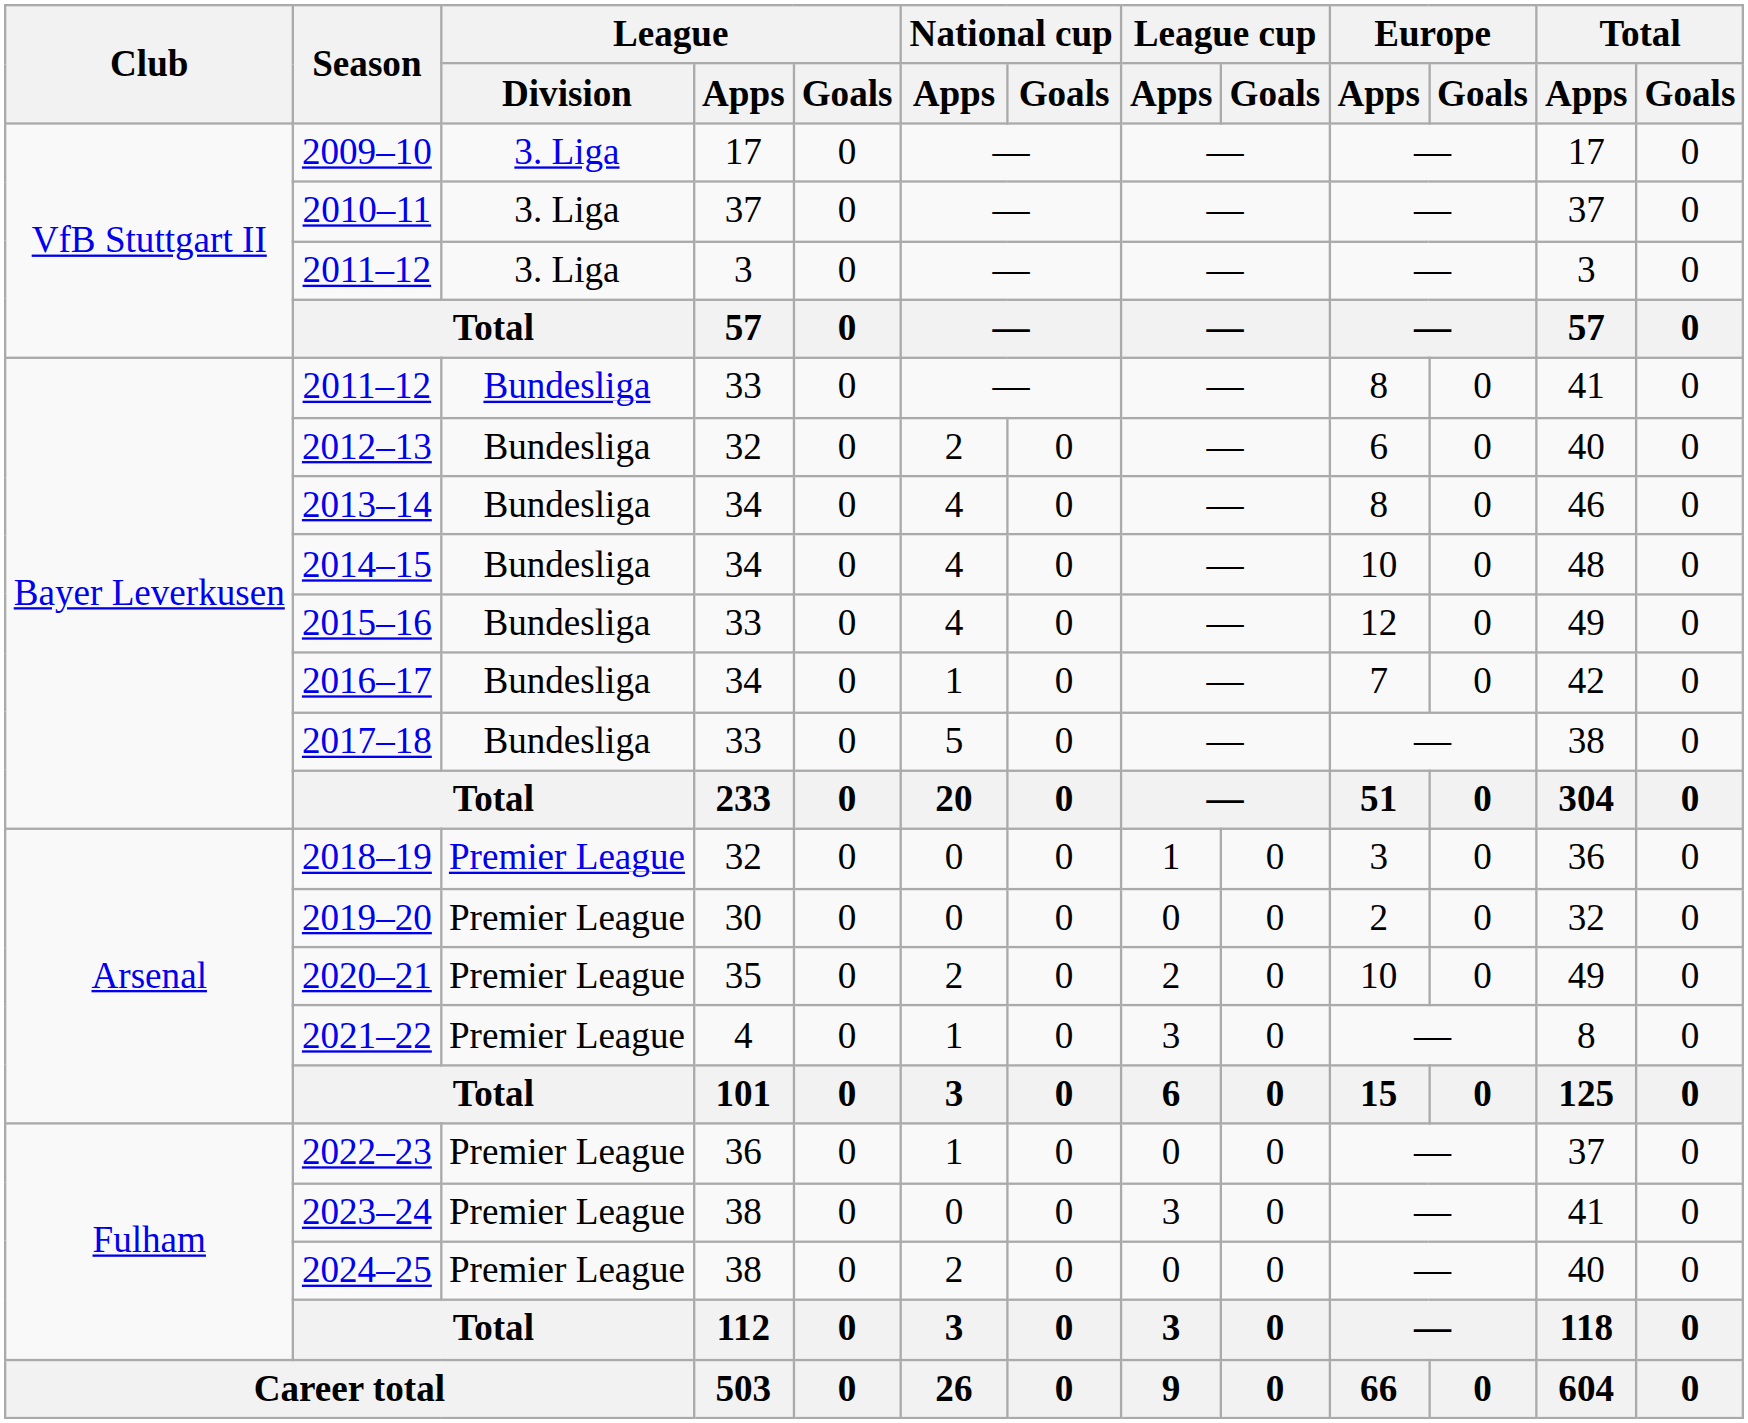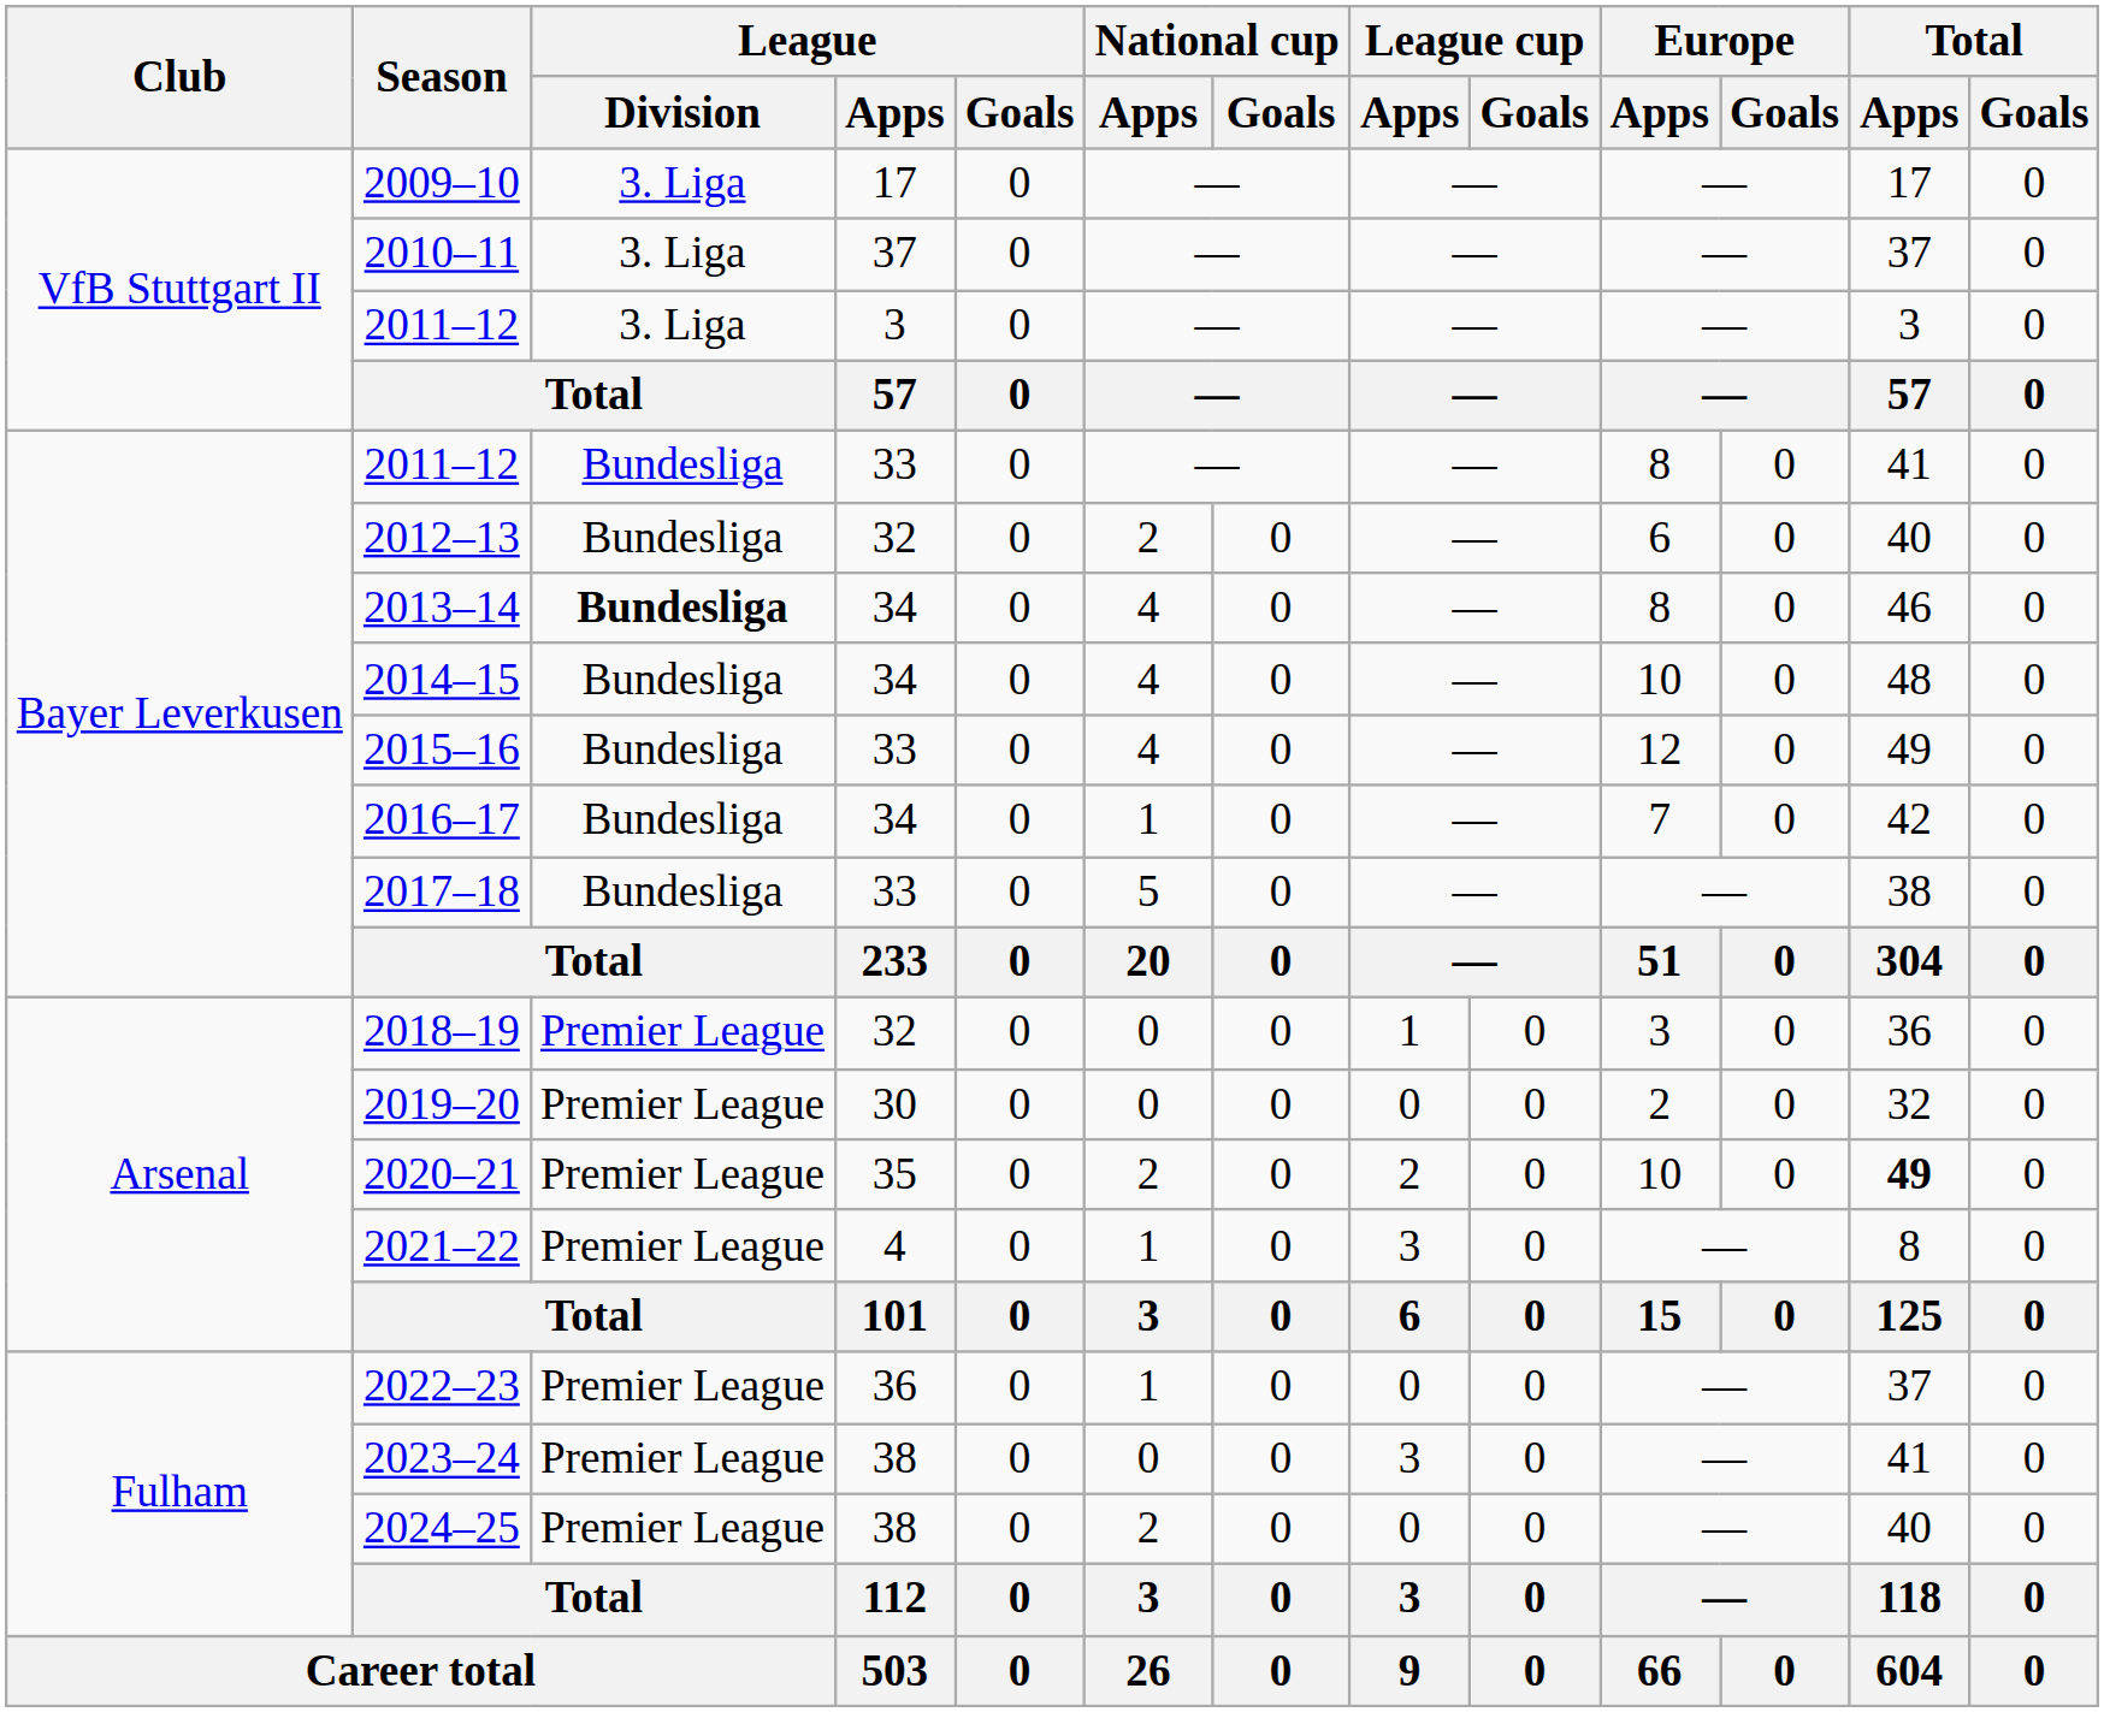 <table class="wikitable" style="text-align: center;">
 <tr>
 <th rowspan="2">Club</th>
 <th rowspan="2">Season</th>
 <th colspan="3">League</th>
 <th colspan="2">National cup</th>
 <th colspan="2">League cup</th>
 <th colspan="2">Europe</th>
 <th colspan="2">Total</th>
 </tr>
 <tr>
 <th>Division</th>
 <th>Apps</th>
 <th>Goals</th>
 <th>Apps</th>
 <th>Goals</th>
 <th>Apps</th>
 <th>Goals</th>
 <th>Apps</th>
 <th>Goals</th>
 <th>Apps</th>
 <th>Goals</th>
 </tr>
 <tr>
 <td rowspan="4"><a href='#'>VfB Stuttgart II</a></td>
 <td><a href='#'>2009–10</a></td>
 <td><a href='#'>3. Liga</a></td>
 <td>17</td>
 <td>0</td>
 <td colspan="2">—</td>
 <td colspan="2">—</td>
 <td colspan="2">—</td>
 <td>17</td>
 <td>0</td>
 </tr>
 <tr>
 <td><a href='#'>2010–11</a></td>
 <td>3. Liga</td>
 <td>37</td>
 <td>0</td>
 <td colspan="2">—</td>
 <td colspan="2">—</td>
 <td colspan="2">—</td>
 <td>37</td>
 <td>0</td>
 </tr>
 <tr>
 <td><a href='#'>2011–12</a></td>
 <td>3. Liga</td>
 <td>3</td>
 <td>0</td>
 <td colspan="2">—</td>
 <td colspan="2">—</td>
 <td colspan="2">—</td>
 <td>3</td>
 <td>0</td>
 </tr>
 <tr>
 <th colspan="2">Total</th>
 <th>57</th>
 <th>0</th>
 <th colspan="2">—</th>
 <th colspan="2">—</th>
 <th colspan="2">—</th>
 <th>57</th>
 <th>0</th>
 </tr>
 <tr>
 <td rowspan="8"><a href='#'>Bayer Leverkusen</a></td>
 <td><a href='#'>2011–12</a></td>
 <td><a href='#'>Bundesliga</a></td>
 <td>33</td>
 <td>0</td>
 <td colspan="2">—</td>
 <td colspan="2">—</td>
 <td>8</td>
 <td>0</td>
 <td>41</td>
 <td>0</td>
 </tr>
 <tr>
 <td><a href='#'>2012–13</a></td>
 <td>Bundesliga</td>
 <td>32</td>
 <td>0</td>
 <td>2</td>
 <td>0</td>
 <td colspan="2">—</td>
 <td>6</td>
 <td>0</td>
 <td>40</td>
 <td>0</td>
 </tr>
 <tr>
 <td><a href='#'>2013–14</a></td>
-<td>Bundesliga</td>
+<td><strong>Bundesliga</strong></td>
 <td>34</td>
 <td>0</td>
 <td>4</td>
 <td>0</td>
 <td colspan="2">—</td>
 <td>8</td>
 <td>0</td>
 <td>46</td>
 <td>0</td>
 </tr>
 <tr>
 <td><a href='#'>2014–15</a></td>
 <td>Bundesliga</td>
 <td>34</td>
 <td>0</td>
 <td>4</td>
 <td>0</td>
 <td colspan="2">—</td>
 <td>10</td>
 <td>0</td>
 <td>48</td>
 <td>0</td>
 </tr>
 <tr>
 <td><a href='#'>2015–16</a></td>
 <td>Bundesliga</td>
 <td>33</td>
 <td>0</td>
 <td>4</td>
 <td>0</td>
 <td colspan="2">—</td>
 <td>12</td>
 <td>0</td>
 <td>49</td>
 <td>0</td>
 </tr>
 <tr>
 <td><a href='#'>2016–17</a></td>
 <td>Bundesliga</td>
 <td>34</td>
 <td>0</td>
 <td>1</td>
 <td>0</td>
 <td colspan="2">—</td>
 <td>7</td>
 <td>0</td>
 <td>42</td>
 <td>0</td>
 </tr>
 <tr>
 <td><a href='#'>2017–18</a></td>
 <td>Bundesliga</td>
 <td>33</td>
 <td>0</td>
 <td>5</td>
 <td>0</td>
 <td colspan="2">—</td>
 <td colspan="2">—</td>
 <td>38</td>
 <td>0</td>
 </tr>
 <tr>
 <th colspan="2">Total</th>
 <th>233</th>
 <th>0</th>
 <th>20</th>
 <th>0</th>
 <th colspan="2">—</th>
 <th>51</th>
 <th>0</th>
 <th>304</th>
 <th>0</th>
 </tr>
 <tr>
 <td rowspan="5"><a href='#'>Arsenal</a></td>
 <td><a href='#'>2018–19</a></td>
 <td><a href='#'>Premier League</a></td>
 <td>32</td>
 <td>0</td>
 <td>0</td>
 <td>0</td>
 <td>1</td>
 <td>0</td>
 <td>3</td>
 <td>0</td>
 <td>36</td>
 <td>0</td>
 </tr>
 <tr>
 <td><a href='#'>2019–20</a></td>
 <td>Premier League</td>
 <td>30</td>
 <td>0</td>
 <td>0</td>
 <td>0</td>
 <td>0</td>
 <td>0</td>
 <td>2</td>
 <td>0</td>
 <td>32</td>
 <td>0</td>
 </tr>
 <tr>
 <td><a href='#'>2020–21</a></td>
 <td>Premier League</td>
 <td>35</td>
 <td>0</td>
 <td>2</td>
 <td>0</td>
 <td>2</td>
 <td>0</td>
 <td>10</td>
 <td>0</td>
-<td>49</td>
+<td><strong>49</strong></td>
 <td>0</td>
 </tr>
 <tr>
 <td><a href='#'>2021–22</a></td>
 <td>Premier League</td>
 <td>4</td>
 <td>0</td>
 <td>1</td>
 <td>0</td>
 <td>3</td>
 <td>0</td>
 <td colspan="2">—</td>
 <td>8</td>
 <td>0</td>
 </tr>
 <tr>
 <th colspan="2">Total</th>
 <th>101</th>
 <th>0</th>
 <th>3</th>
 <th>0</th>
 <th>6</th>
 <th>0</th>
 <th>15</th>
 <th>0</th>
 <th>125</th>
 <th>0</th>
 </tr>
 <tr>
 <td rowspan="4"><a href='#'>Fulham</a></td>
 <td><a href='#'>2022–23</a></td>
 <td>Premier League</td>
 <td>36</td>
 <td>0</td>
 <td>1</td>
 <td>0</td>
 <td>0</td>
 <td>0</td>
 <td colspan="2">—</td>
 <td>37</td>
 <td>0</td>
 </tr>
 <tr>
 <td><a href='#'>2023–24</a></td>
 <td>Premier League</td>
 <td>38</td>
 <td>0</td>
 <td>0</td>
 <td>0</td>
 <td>3</td>
 <td>0</td>
 <td colspan="2">—</td>
 <td>41</td>
 <td>0</td>
 </tr>
 <tr>
 <td><a href='#'>2024–25</a></td>
 <td>Premier League</td>
 <td>38</td>
 <td>0</td>
 <td>2</td>
 <td>0</td>
 <td>0</td>
 <td>0</td>
 <td colspan="2">—</td>
 <td>40</td>
 <td>0</td>
 </tr>
 <tr>
 <th colspan="2">Total</th>
 <th>112</th>
 <th>0</th>
 <th>3</th>
 <th>0</th>
 <th>3</th>
 <th>0</th>
 <th colspan="2">—</th>
 <th>118</th>
 <th>0</th>
 </tr>
 <tr>
 <th colspan="3">Career total</th>
 <th>503</th>
 <th>0</th>
 <th>26</th>
 <th>0</th>
 <th>9</th>
 <th>0</th>
 <th>66</th>
 <th>0</th>
 <th>604</th>
 <th>0</th>
 </tr>
 </table>
